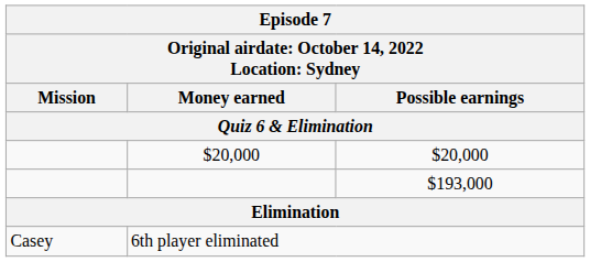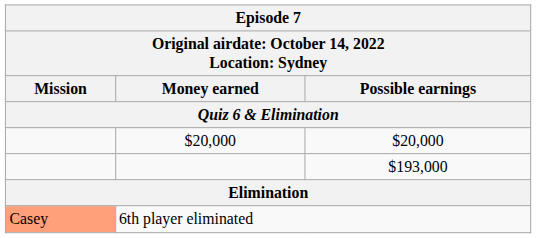 <table class="wikitable" style="font-size: 95%; margin: 10px" align="right" width="40%">
 <tr>
 <th colspan=3>Episode 7</th>
 </tr>
 <tr>
 <th colspan=3>Original airdate: October 14, 2022<br>Location: Sydney</th>
 </tr>
 <tr>
 <th>Mission</th>
 <th>Money earned</th>
 <th>Possible earnings</th>
 </tr>
 <tr>
 <th colspan=3><em>Quiz 6 & Elimination</em></th>
 </tr>
 <tr>
 <td></td>
 <td align="center">$20,000</td>
 <td align="center">$20,000</td>
 </tr>
 <tr>
 <td><strong></strong></td>
 <td align="center"><strong></strong></td>
 <td align="center">$193,000</td>
 </tr>
 <tr>
 <th colspan=3>Elimination</th>
 </tr>
 <tr>
-<td>Casey</td>
+<td style="background: lightsalmon;">Casey</td>
 <td colspan=2>6th player eliminated</td>
 </tr>
 </table>
